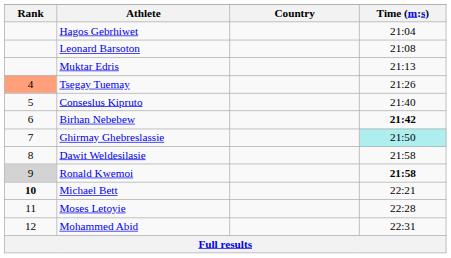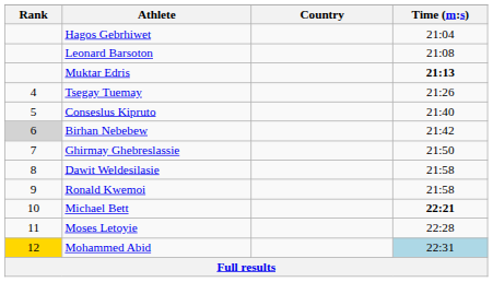 <table class="wikitable" width=50%>
 <tr>
 </tr>
 <tr>
 <th width=5%>Rank</th>
 <th width=20%>Athlete</th>
 <th width=15%>Country</th>
 <th width=10%>Time (<a href='#'>m</a>:<a href='#'>s</a>)</th>
 </tr>
 <tr align="center">
 <td></td>
 <td align="left"><a href='#'>Hagos Gebrhiwet</a></td>
 <td align="left"></td>
 <td>21:04</td>
 </tr>
 <tr align="center">
 <td></td>
 <td align="left"><a href='#'>Leonard Barsoton</a></td>
 <td align="left"></td>
 <td>21:08</td>
 </tr>
 <tr align="center">
 <td></td>
 <td align="left"><a href='#'>Muktar Edris</a></td>
 <td align="left"></td>
-<td>21:13</td>
+<td><strong>21:13</strong></td>
 </tr>
 <tr align="center">
-<td style="background: lightsalmon;">4</td>
+<td>4</td>
 <td align="left"><a href='#'>Tsegay Tuemay</a></td>
 <td align="left"></td>
 <td>21:26</td>
 </tr>
 <tr align="center">
 <td>5</td>
 <td align="left"><a href='#'>Conseslus Kipruto</a></td>
 <td align="left"></td>
 <td>21:40</td>
 </tr>
 <tr align="center">
-<td>6</td>
+<td style="background: lightgrey;">6</td>
 <td align="left"><a href='#'>Birhan Nebebew</a></td>
 <td align="left"></td>
-<td><strong>21:42</strong></td>
+<td>21:42</td>
 </tr>
 <tr align="center">
 <td>7</td>
 <td align="left"><a href='#'>Ghirmay Ghebreslassie</a></td>
 <td align="left"></td>
-<td style="background: paleturquoise;">21:50</td>
+<td>21:50</td>
 </tr>
 <tr align="center">
 <td>8</td>
 <td align="left"><a href='#'>Dawit Weldesilasie</a></td>
 <td align="left"></td>
 <td>21:58</td>
 </tr>
 <tr align="center">
-<td style="background: lightgrey;">9</td>
+<td>9</td>
 <td align="left"><a href='#'>Ronald Kwemoi</a></td>
 <td align="left"></td>
-<td><strong>21:58</strong></td>
+<td>21:58</td>
 </tr>
 <tr align="center">
-<td><strong>10</strong></td>
+<td>10</td>
 <td align="left"><a href='#'>Michael Bett</a></td>
 <td align="left"></td>
-<td>22:21</td>
+<td><strong>22:21</strong></td>
 </tr>
 <tr align="center">
 <td>11</td>
 <td align="left"><a href='#'>Moses Letoyie</a></td>
 <td align="left"></td>
 <td>22:28</td>
 </tr>
 <tr align="center">
-<td>12</td>
+<td style="background: gold;">12</td>
 <td align="left"><a href='#'>Mohammed Abid</a></td>
 <td align="left"></td>
-<td>22:31</td>
+<td style="background: lightblue;">22:31</td>
 </tr>
 <tr class="sortbottom">
 <th colspan=4 align=center><a href='#'>Full results</a></th>
 </tr>
 </table>
